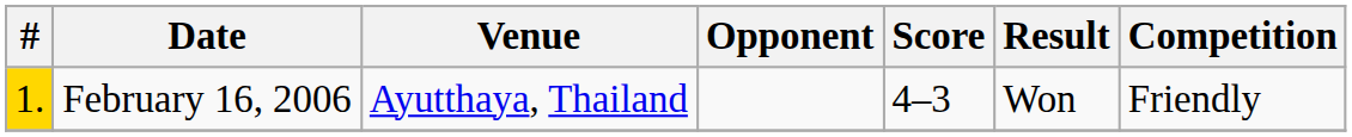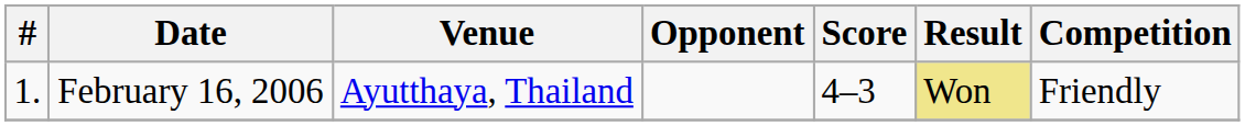 <table class="wikitable">
 <tr>
 <th>#</th>
 <th>Date</th>
 <th>Venue</th>
 <th>Opponent</th>
 <th>Score</th>
 <th>Result</th>
 <th>Competition</th>
 </tr>
 <tr>
-<td style="background: gold;">1.</td>
+<td>1.</td>
 <td>February 16, 2006</td>
 <td><a href='#'>Ayutthaya</a>, <a href='#'>Thailand</a></td>
 <td></td>
 <td>4–3</td>
-<td>Won</td>
+<td style="background: khaki;">Won</td>
 <td>Friendly</td>
 </tr>
 <tr>
 </tr>
 </table>
